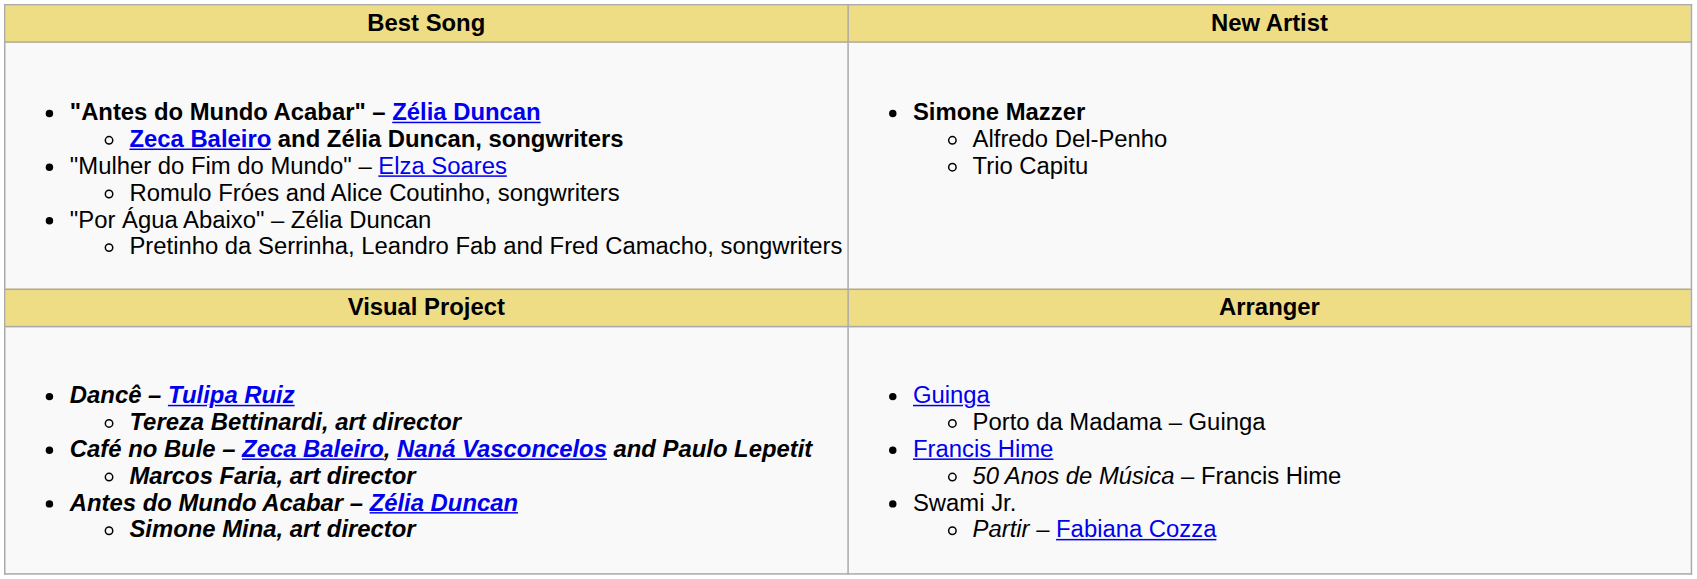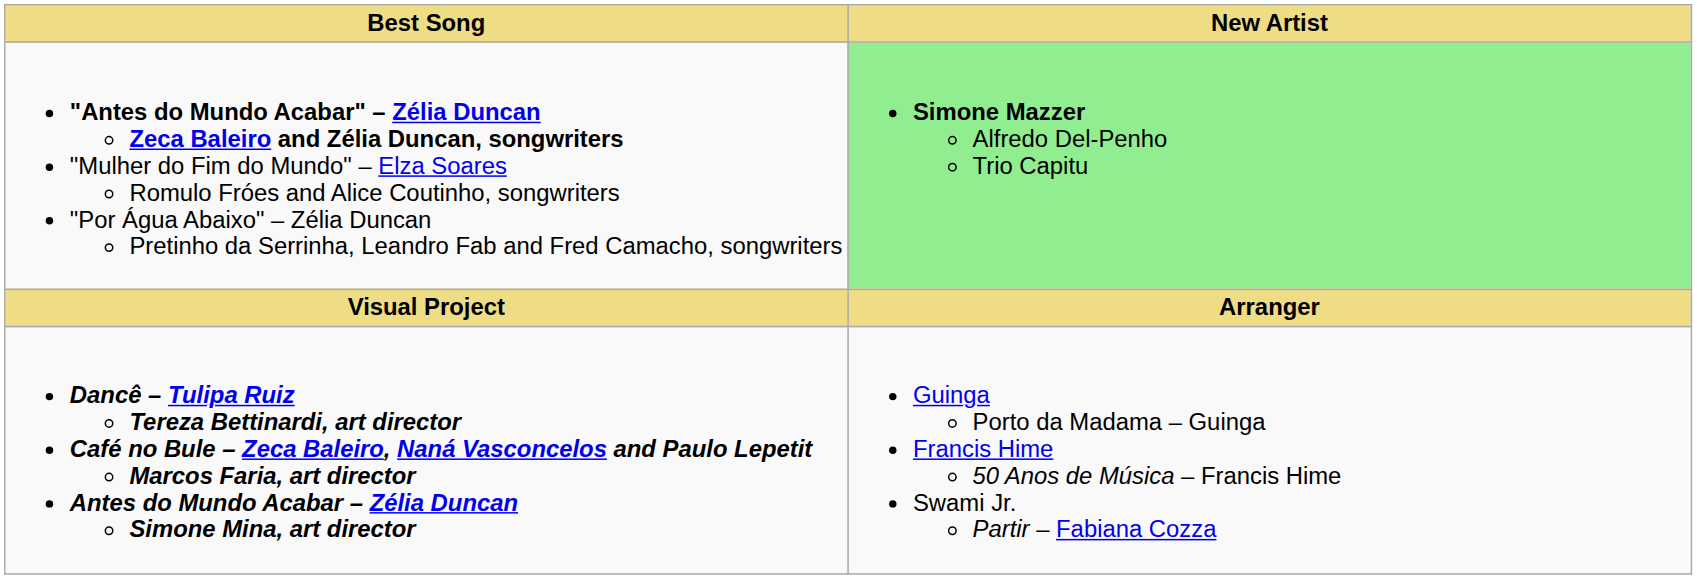 <table class="wikitable" style="width=">
 <tr>
 <th style="background:#EEDD85; width:50%">Best Song</th>
 <th style="background:#EEDD85; width:50%">New Artist</th>
 </tr>
 <tr>
 <td style="vertical-align:top"><br><ul><li><strong>"Antes do Mundo Acabar" – <a href='#'>Zélia Duncan</a></strong><ul><li><strong><a href='#'>Zeca Baleiro</a> and Zélia Duncan, songwriters</strong></li></ul></li><li>"Mulher do Fim do Mundo" – <a href='#'>Elza Soares</a><ul><li>Romulo Fróes and Alice Coutinho, songwriters</li></ul></li><li>"Por Água Abaixo" – Zélia Duncan<ul><li>Pretinho da Serrinha, Leandro Fab and Fred Camacho, songwriters</li></ul></li></ul></td>
-<td style="vertical-align:top"><br><ul><li><strong>Simone Mazzer</strong><ul><li>Alfredo Del-Penho</li><li>Trio Capitu</li></ul></li></ul></td>
+<td style="background: lightgreen; vertical-align:top"><br><ul><li><strong>Simone Mazzer</strong><ul><li>Alfredo Del-Penho</li><li>Trio Capitu</li></ul></li></ul></td>
 </tr>
 <tr>
 <th style="background:#EEDD85; width:50%">Visual Project</th>
 <th style="background:#EEDD85; width:50%">Arranger</th>
 </tr>
 <tr>
 <td style="vertical-align:top"><br><ul><li><strong><em>Dancê<em> – <a href='#'>Tulipa Ruiz</a><strong><ul><li></strong>Tereza Bettinardi, art director<strong></li></ul></li><li></em>Café no Bule<em> – <a href='#'>Zeca Baleiro</a>, <a href='#'>Naná Vasconcelos</a> and Paulo Lepetit<ul><li>Marcos Faria, art director</li></ul></li><li></em>Antes do Mundo Acabar<em> – <a href='#'>Zélia Duncan</a><ul><li>Simone Mina, art director</li></ul></li></ul></td>
 <td style="vertical-align:top"><br><ul><li></strong><a href='#'>Guinga</a><strong><ul><li></em></strong>Porto da Madama</em> – Guinga</strong></li></ul></li><li><a href='#'>Francis Hime</a><ul><li><em>50 Anos de Música</em> – Francis Hime</li></ul></li><li>Swami Jr.<ul><li><em>Partir</em> – <a href='#'>Fabiana Cozza</a></li></ul></li></ul></td>
 </tr>
 </table>
